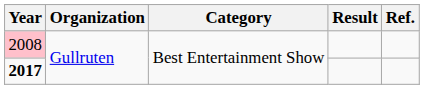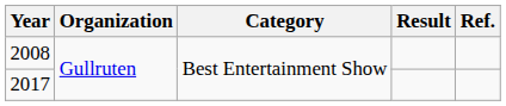 <table class="wikitable">
 <tr>
 <th>Year</th>
 <th>Organization</th>
 <th>Category</th>
 <th>Result</th>
 <th>Ref.</th>
 </tr>
 <tr>
-<td style="background: pink;">2008</td>
+<td>2008</td>
 <td rowspan="2"><a href='#'>Gullruten</a></td>
 <td rowspan="2">Best Entertainment Show</td>
 <td></td>
 <td></td>
 </tr>
 <tr>
-<td><strong>2017</strong></td>
+<td>2017</td>
 <td></td>
 <td></td>
 </tr>
 </table>
